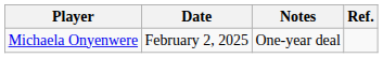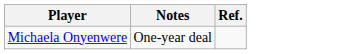 <table class="wikitable sortable sortable" style="text-align: center">
 <tr>
 <th>Player</th>
-<th>Date</th>
 <th>Notes</th>
 <th>Ref.</th>
 </tr>
 <tr>
 <td><a href='#'>Michaela Onyenwere</a></td>
-<td>February 2, 2025</td>
 <td>One-year deal</td>
 <td></td>
 </tr>
 </table>
